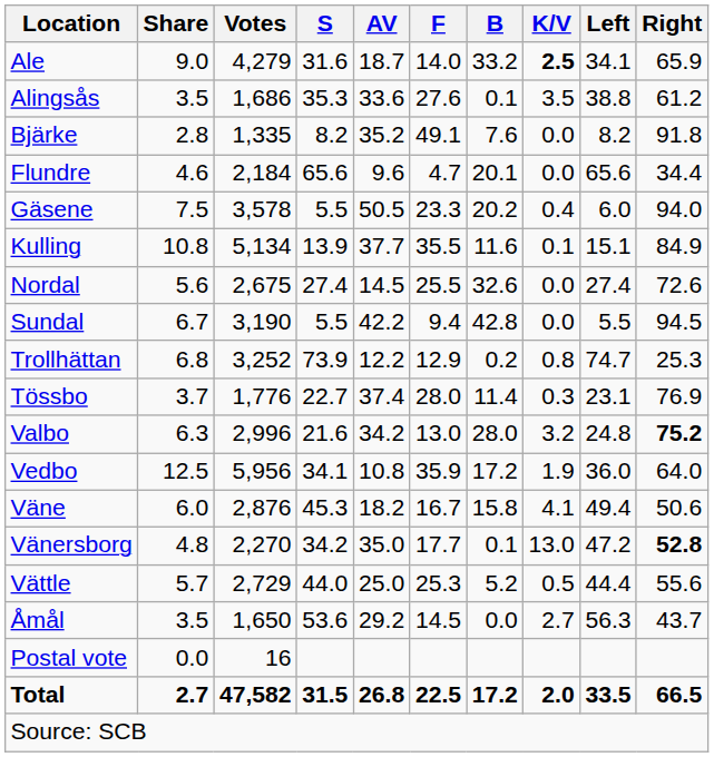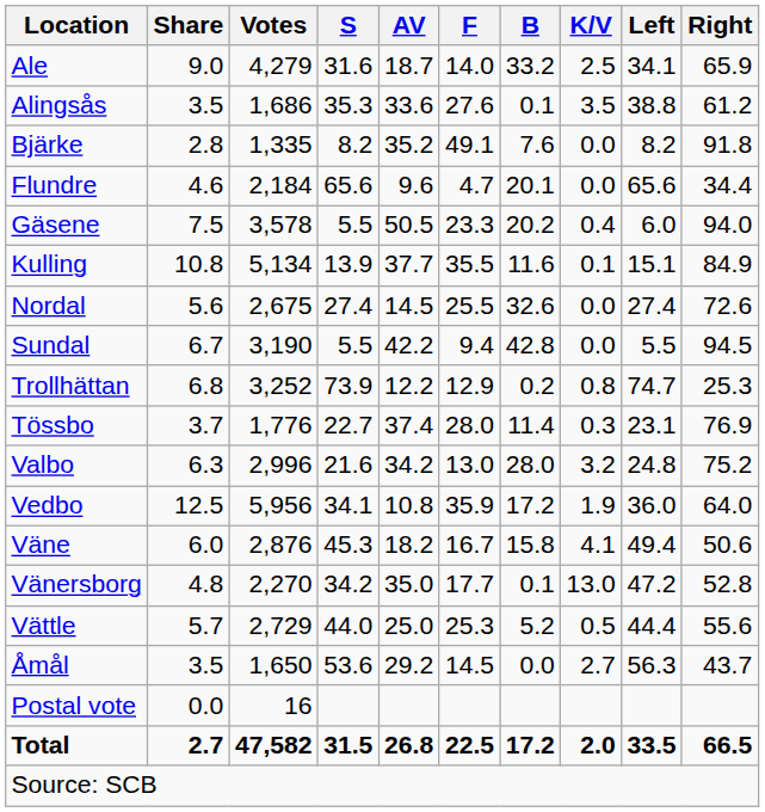 <table class="wikitable sortable" style=text-align:right>
 <tr>
 <th>Location</th>
 <th>Share</th>
 <th>Votes</th>
 <th><a href='#'>S</a></th>
 <th><a href='#'>AV</a></th>
 <th><a href='#'>F</a></th>
 <th><a href='#'>B</a></th>
 <th><a href='#'>K/V</a></th>
 <th>Left</th>
 <th>Right</th>
 </tr>
 <tr>
 <td align=left><a href='#'>Ale</a></td>
 <td>9.0</td>
 <td>4,279</td>
 <td>31.6</td>
 <td>18.7</td>
 <td>14.0</td>
 <td>33.2</td>
-<td><strong>2.5</strong></td>
+<td>2.5</td>
 <td>34.1</td>
 <td>65.9</td>
 </tr>
 <tr>
 <td align=left><a href='#'>Alingsås</a></td>
 <td>3.5</td>
 <td>1,686</td>
 <td>35.3</td>
 <td>33.6</td>
 <td>27.6</td>
 <td>0.1</td>
 <td>3.5</td>
 <td>38.8</td>
 <td>61.2</td>
 </tr>
 <tr>
 <td align=left><a href='#'>Bjärke</a></td>
 <td>2.8</td>
 <td>1,335</td>
 <td>8.2</td>
 <td>35.2</td>
 <td>49.1</td>
 <td>7.6</td>
 <td>0.0</td>
 <td>8.2</td>
 <td>91.8</td>
 </tr>
 <tr>
 <td align=left><a href='#'>Flundre</a></td>
 <td>4.6</td>
 <td>2,184</td>
 <td>65.6</td>
 <td>9.6</td>
 <td>4.7</td>
 <td>20.1</td>
 <td>0.0</td>
 <td>65.6</td>
 <td>34.4</td>
 </tr>
 <tr>
 <td align=left><a href='#'>Gäsene</a></td>
 <td>7.5</td>
 <td>3,578</td>
 <td>5.5</td>
 <td>50.5</td>
 <td>23.3</td>
 <td>20.2</td>
 <td>0.4</td>
 <td>6.0</td>
 <td>94.0</td>
 </tr>
 <tr>
 <td align=left><a href='#'>Kulling</a></td>
 <td>10.8</td>
 <td>5,134</td>
 <td>13.9</td>
 <td>37.7</td>
 <td>35.5</td>
 <td>11.6</td>
 <td>0.1</td>
 <td>15.1</td>
 <td>84.9</td>
 </tr>
 <tr>
 <td align=left><a href='#'>Nordal</a></td>
 <td>5.6</td>
 <td>2,675</td>
 <td>27.4</td>
 <td>14.5</td>
 <td>25.5</td>
 <td>32.6</td>
 <td>0.0</td>
 <td>27.4</td>
 <td>72.6</td>
 </tr>
 <tr>
 <td align=left><a href='#'>Sundal</a></td>
 <td>6.7</td>
 <td>3,190</td>
 <td>5.5</td>
 <td>42.2</td>
 <td>9.4</td>
 <td>42.8</td>
 <td>0.0</td>
 <td>5.5</td>
 <td>94.5</td>
 </tr>
 <tr>
 <td align=left><a href='#'>Trollhättan</a></td>
 <td>6.8</td>
 <td>3,252</td>
 <td>73.9</td>
 <td>12.2</td>
 <td>12.9</td>
 <td>0.2</td>
 <td>0.8</td>
 <td>74.7</td>
 <td>25.3</td>
 </tr>
 <tr>
 <td align=left><a href='#'>Tössbo</a></td>
 <td>3.7</td>
 <td>1,776</td>
 <td>22.7</td>
 <td>37.4</td>
 <td>28.0</td>
 <td>11.4</td>
 <td>0.3</td>
 <td>23.1</td>
 <td>76.9</td>
 </tr>
 <tr>
 <td align=left><a href='#'>Valbo</a></td>
 <td>6.3</td>
 <td>2,996</td>
 <td>21.6</td>
 <td>34.2</td>
 <td>13.0</td>
 <td>28.0</td>
 <td>3.2</td>
 <td>24.8</td>
-<td><strong>75.2</strong></td>
+<td>75.2</td>
 </tr>
 <tr>
 <td align=left><a href='#'>Vedbo</a></td>
 <td>12.5</td>
 <td>5,956</td>
 <td>34.1</td>
 <td>10.8</td>
 <td>35.9</td>
 <td>17.2</td>
 <td>1.9</td>
 <td>36.0</td>
 <td>64.0</td>
 </tr>
 <tr>
 <td align=left><a href='#'>Väne</a></td>
 <td>6.0</td>
 <td>2,876</td>
 <td>45.3</td>
 <td>18.2</td>
 <td>16.7</td>
 <td>15.8</td>
 <td>4.1</td>
 <td>49.4</td>
 <td>50.6</td>
 </tr>
 <tr>
 <td align=left><a href='#'>Vänersborg</a></td>
 <td>4.8</td>
 <td>2,270</td>
 <td>34.2</td>
 <td>35.0</td>
 <td>17.7</td>
 <td>0.1</td>
 <td>13.0</td>
 <td>47.2</td>
-<td><strong>52.8</strong></td>
+<td>52.8</td>
 </tr>
 <tr>
 <td align=left><a href='#'>Vättle</a></td>
 <td>5.7</td>
 <td>2,729</td>
 <td>44.0</td>
 <td>25.0</td>
 <td>25.3</td>
 <td>5.2</td>
 <td>0.5</td>
 <td>44.4</td>
 <td>55.6</td>
 </tr>
 <tr>
 <td align=left><a href='#'>Åmål</a></td>
 <td>3.5</td>
 <td>1,650</td>
 <td>53.6</td>
 <td>29.2</td>
 <td>14.5</td>
 <td>0.0</td>
 <td>2.7</td>
 <td>56.3</td>
 <td>43.7</td>
 </tr>
 <tr>
 <td align=left><a href='#'>Postal vote</a></td>
 <td>0.0</td>
 <td>16</td>
 <td></td>
 <td></td>
 <td></td>
 <td></td>
 <td></td>
 <td></td>
 <td></td>
 </tr>
 <tr>
 <td align=left><strong>Total</strong></td>
 <td><strong>2.7</strong></td>
 <td><strong>47,582</strong></td>
 <td><strong>31.5</strong></td>
 <td><strong>26.8</strong></td>
 <td><strong>22.5</strong></td>
 <td><strong>17.2</strong></td>
 <td><strong>2.0</strong></td>
 <td><strong>33.5</strong></td>
 <td><strong>66.5</strong></td>
 </tr>
 <tr>
 <td align=left colspan=10>Source: SCB </td>
 </tr>
 </table>
